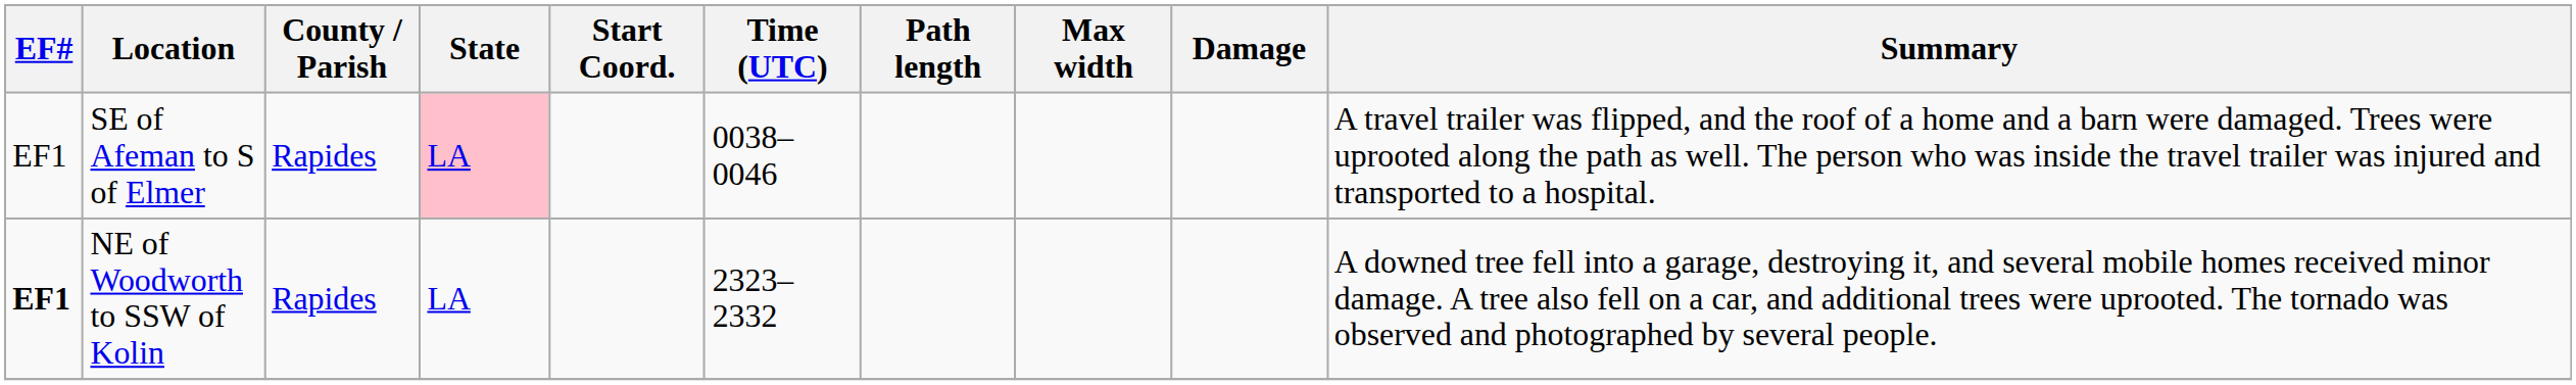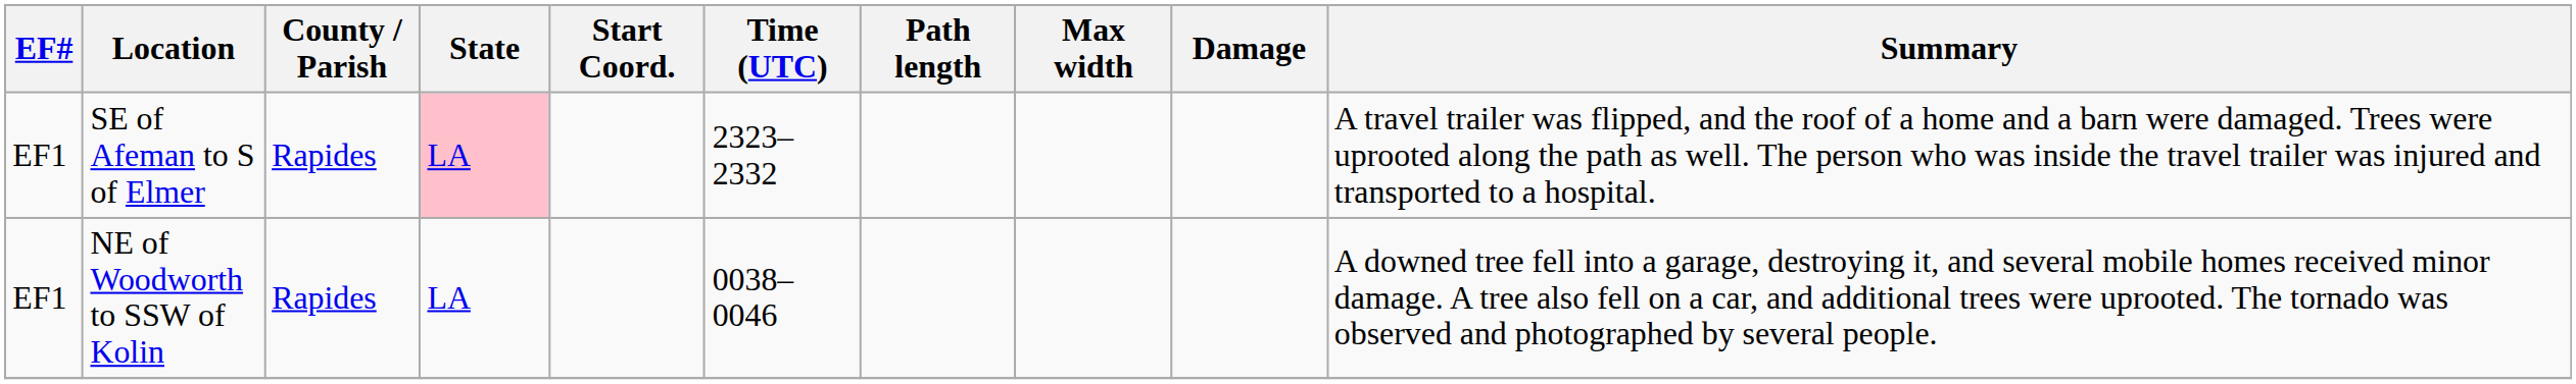 <table class="wikitable sortable" style="width:100%;">
 <tr>
 <th scope="col"  style="width:3%; text-align:center;"><a href='#'>EF#</a></th>
 <th scope="col"  style="width:7%; text-align:center;" class="unsortable">Location</th>
 <th scope="col"  style="width:6%; text-align:center;" class="unsortable">County / Parish</th>
 <th scope="col"  style="width:5%; text-align:center;">State</th>
 <th scope="col"  style="width:6%; text-align:center;">Start Coord.</th>
 <th scope="col"  style="width:6%; text-align:center;">Time (<a href='#'>UTC</a>)</th>
 <th scope="col"  style="width:6%; text-align:center;">Path length</th>
 <th scope="col"  style="width:6%; text-align:center;">Max width</th>
 <th scope="col"  style="width:6%; text-align:center;">Damage</th>
 <th scope="col" class="unsortable" style="width:48%; text-align:center;">Summary</th>
 </tr>
 <tr>
 <td>EF1</td>
 <td>SE of <a href='#'>Afeman</a> to S of <a href='#'>Elmer</a></td>
 <td><a href='#'>Rapides</a></td>
 <td style="background: pink;"><a href='#'>LA</a></td>
 <td></td>
-<td>0038–0046</td>
+<td>2323–2332</td>
 <td></td>
 <td></td>
 <td></td>
 <td>A travel trailer was flipped, and the roof of a home and a barn were damaged. Trees were uprooted along the path as well. The person who was inside the travel trailer was injured and transported to a hospital.</td>
 </tr>
 <tr>
-<td><strong>EF1</strong></td>
+<td>EF1</td>
 <td>NE of <a href='#'>Woodworth</a> to SSW of <a href='#'>Kolin</a></td>
 <td><a href='#'>Rapides</a></td>
 <td><a href='#'>LA</a></td>
 <td></td>
-<td>2323–2332</td>
+<td>0038–0046</td>
 <td></td>
 <td></td>
 <td></td>
 <td>A downed tree fell into a garage, destroying it, and several mobile homes received minor damage. A tree also fell on a car, and additional trees were uprooted. The tornado was observed and photographed by several people.</td>
 </tr>
 <tr>
 </tr>
 </table>
